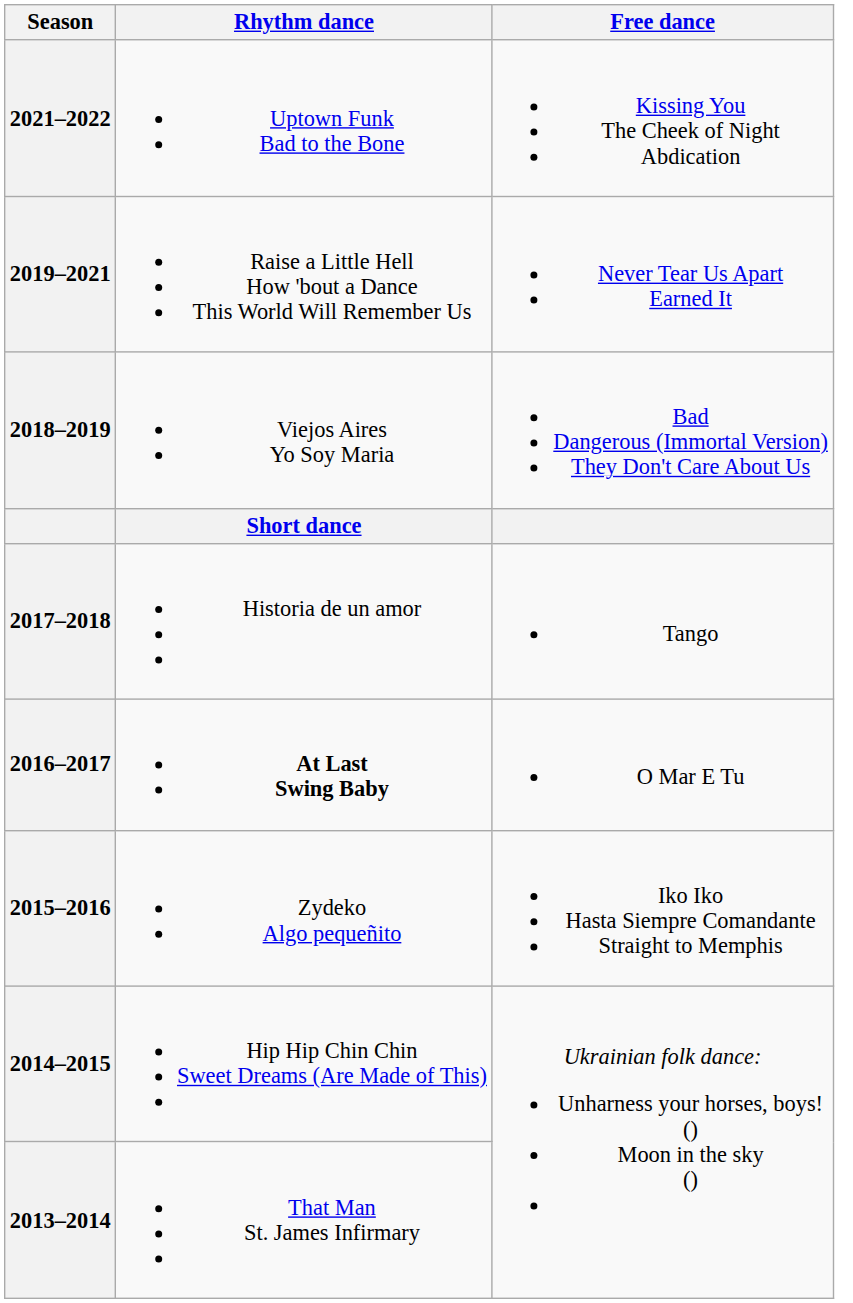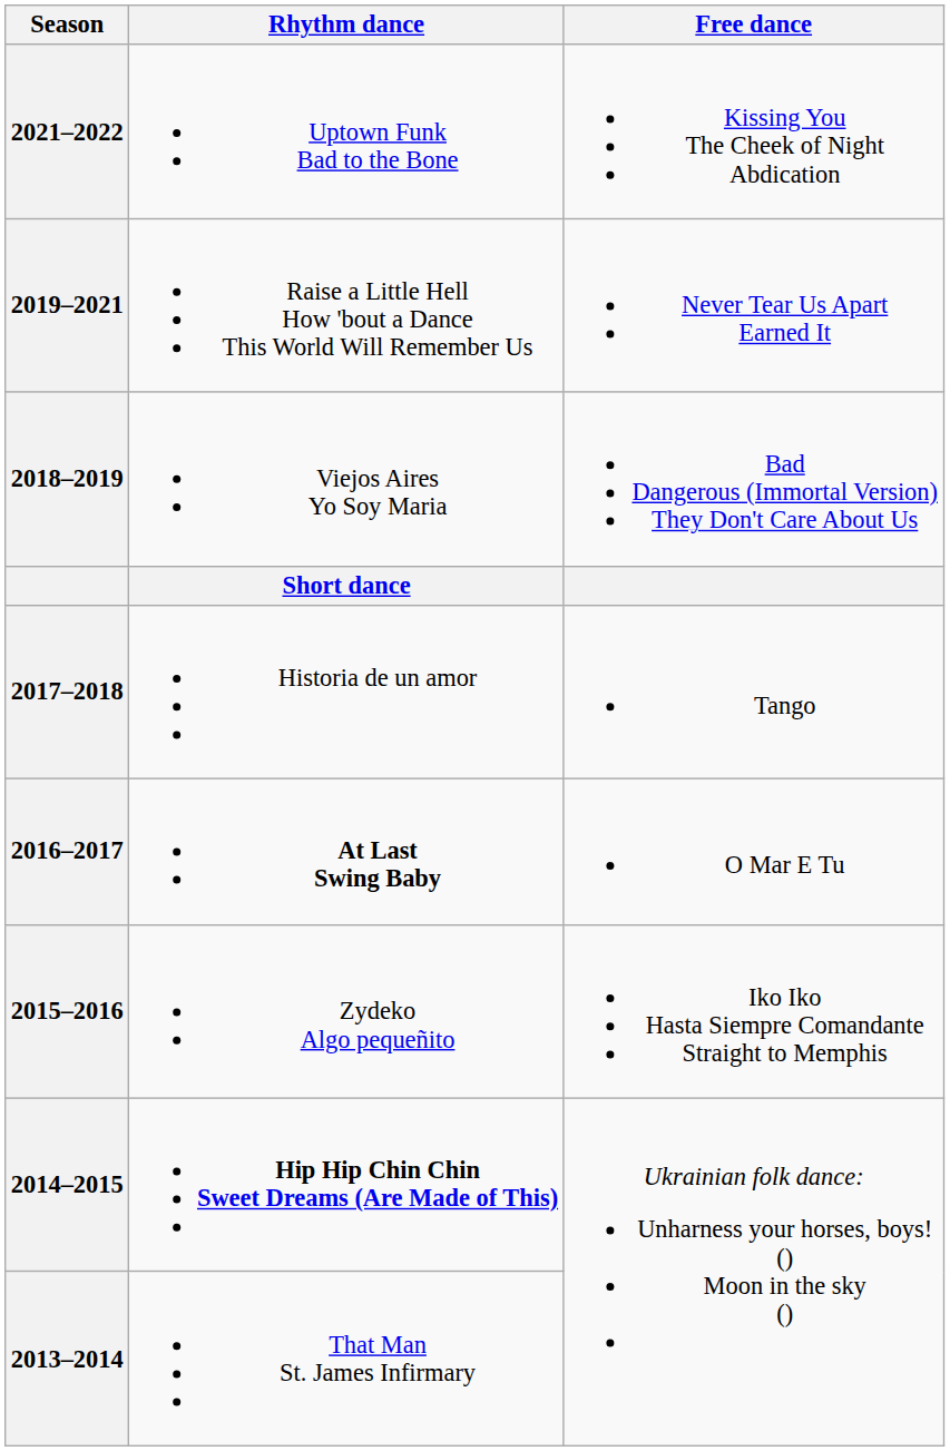 <table class=wikitable style=text-align:center>
 <tr>
 <th>Season</th>
 <th><a href='#'>Rhythm dance</a></th>
 <th><a href='#'>Free dance</a></th>
 </tr>
 <tr>
 <th>2021–2022 <br> </th>
 <td><br><ul><li><a href='#'>Uptown Funk</a> <br> </li><li><a href='#'>Bad to the Bone</a> <br> </li></ul></td>
 <td><br><ul><li><a href='#'>Kissing You</a> <br> </li><li>The Cheek of Night <br> </li><li>Abdication <br> </li></ul></td>
 </tr>
 <tr>
 <th>2019–2021 <br> </th>
 <td><br><ul><li> Raise a Little Hell <br></li><li> How 'bout a Dance <br></li><li> This World Will Remember Us <br></li></ul></td>
 <td><br><ul><li><a href='#'>Never Tear Us Apart</a> <br> </li><li><a href='#'>Earned It</a> <br></li></ul></td>
 </tr>
 <tr>
 <th>2018–2019 <br> </th>
 <td><br><ul><li> Viejos Aires <br></li><li> Yo Soy Maria <br></li></ul></td>
 <td><br><ul><li><a href='#'>Bad</a> <br></li><li><a href='#'>Dangerous (Immortal Version)</a> <br></li><li><a href='#'>They Don't Care About Us</a> <br></li></ul></td>
 </tr>
 <tr>
 <th></th>
 <th><a href='#'>Short dance</a></th>
 <th></th>
 </tr>
 <tr>
 <th>2017–2018 <br> </th>
 <td><br><ul><li> Historia de un amor <br></li><li></li><li></li></ul></td>
 <td><br><ul><li>Tango <br></li></ul></td>
 </tr>
 <tr>
 <th>2016–2017 <br> </th>
 <td><strong><br><ul><li> At Last <br></li><li> Swing Baby <br></li></ul></strong></td>
 <td><br><ul><li>O Mar E Tu  <br></li></ul></td>
 </tr>
 <tr>
 <th>2015–2016 <br> </th>
 <td><br><ul><li> Zydeko <br></li><li> <a href='#'>Algo pequeñito</a> <br></li></ul></td>
 <td><br><ul><li>Iko Iko <br></li><li>Hasta Siempre Comandante</li><li>Straight to Memphis</li></ul></td>
 </tr>
 <tr>
 <th>2014–2015</th>
-<td><br><ul><li>Hip Hip Chin Chin <br></li><li><a href='#'>Sweet Dreams (Are Made of This)</a> <br></li><li></li></ul></td>
+<td><strong><br><ul><li>Hip Hip Chin Chin <br></li><li><a href='#'>Sweet Dreams (Are Made of This)</a> <br></li><li></li></ul></strong></td>
 <td rowspan=2><em>Ukrainian folk dance:</em><br><ul><li>Unharness your horses, boys! <br> ()</li><li>Moon in the sky <br> ()</li><li></li></ul></td>
 </tr>
 <tr>
 <th>2013–2014</th>
 <td><br><ul><li><a href='#'>That Man</a> <br></li><li>St. James Infirmary <br></li><li></li></ul></td>
 </tr>
 </table>
